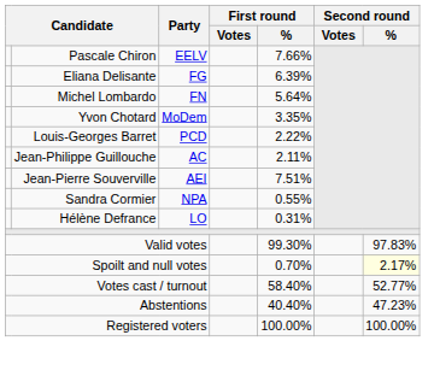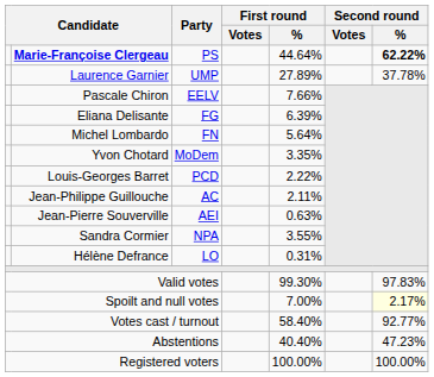 <table class="wikitable" style="text-align:right;font-size:95%;">
 <tr>
 <th rowspan=2 colspan=2>Candidate</th>
 <th rowspan=2 colspan=1>Party</th>
 <th colspan=2>First round</th>
 <th colspan=2>Second round</th>
 </tr>
 <tr>
 <th style="width:50px;">Votes</th>
 <th style="width:55px;">%</th>
 <th style="width:50px;">Votes</th>
 <th style="width:55px;">%</th>
+</tr>
+<tr>
+<td style="color:inherit;background-color:"></td>
+<td><strong><a href='#'>Marie-Françoise Clergeau</a></strong></td>
+<td><a href='#'>PS</a></td>
+<td></td>
+<td>44.64%</td>
+<td><strong></strong></td>
+<td><strong>62.22%</strong></td>
+</tr>
+<tr>
+<td style="color:inherit;background-color:"></td>
+<td><a href='#'>Laurence Garnier</a></td>
+<td><a href='#'>UMP</a></td>
+<td></td>
+<td>27.89%</td>
+<td></td>
+<td>37.78%</td>
 </tr>
 <tr>
 <td style="color:inherit;background-color:"></td>
 <td>Pascale Chiron</td>
 <td><a href='#'>EELV</a></td>
 <td></td>
 <td>7.66%</td>
 <td colspan="2" rowspan="9" style="background-color:#E9E9E9;"></td>
 </tr>
 <tr>
 <td style="color:inherit;background-color:"></td>
 <td>Eliana Delisante</td>
 <td><a href='#'>FG</a></td>
 <td></td>
 <td>6.39%</td>
 </tr>
 <tr>
 <td style="color:inherit;background-color:"></td>
 <td>Michel Lombardo</td>
 <td><a href='#'>FN</a></td>
 <td></td>
 <td>5.64%</td>
 </tr>
 <tr>
 <td style="color:inherit;background-color:"></td>
 <td>Yvon Chotard</td>
 <td><a href='#'>MoDem</a></td>
 <td></td>
 <td>3.35%</td>
 </tr>
 <tr>
 <td style="color:inherit;background-color:"></td>
 <td>Louis-Georges Barret</td>
 <td><a href='#'>PCD</a></td>
 <td></td>
 <td>2.22%</td>
 </tr>
 <tr>
 <td style="color:inherit;background-color:"></td>
 <td>Jean-Philippe Guillouche</td>
 <td><a href='#'>AC</a></td>
 <td></td>
 <td>2.11%</td>
 </tr>
 <tr>
 <td style="color:inherit;background-color:"></td>
 <td>Jean-Pierre Souverville</td>
 <td><a href='#'>AEI</a></td>
 <td></td>
-<td>7.51%</td>
+<td>0.63%</td>
 </tr>
 <tr>
 <td style="color:inherit;background-color:"></td>
 <td>Sandra Cormier</td>
 <td><a href='#'>NPA</a></td>
 <td></td>
-<td>0.55%</td>
+<td>3.55%</td>
 </tr>
 <tr>
 <td style="color:inherit;background-color:"></td>
 <td>Hélène Defrance</td>
 <td><a href='#'>LO</a></td>
 <td></td>
 <td>0.31%</td>
 </tr>
 <tr>
 <td colspan=7 style="background-color:#E9E9E9;"></td>
 </tr>
 <tr>
 <td colspan=3>Valid votes</td>
 <td></td>
 <td>99.30%</td>
 <td></td>
 <td>97.83%</td>
 </tr>
 <tr>
 <td colspan=3>Spoilt and null votes</td>
 <td></td>
-<td>0.70%</td>
+<td>7.00%</td>
 <td></td>
 <td style="background: lightyellow;">2.17%</td>
 </tr>
 <tr>
 <td colspan=3>Votes cast / turnout</td>
 <td></td>
 <td>58.40%</td>
 <td></td>
-<td>52.77%</td>
+<td>92.77%</td>
 </tr>
 <tr>
 <td colspan=3>Abstentions</td>
 <td></td>
 <td>40.40%</td>
 <td></td>
 <td>47.23%</td>
 </tr>
 <tr>
 <td colspan=3>Registered voters</td>
 <td></td>
 <td>100.00%</td>
 <td></td>
 <td>100.00%</td>
 </tr>
 </table>
